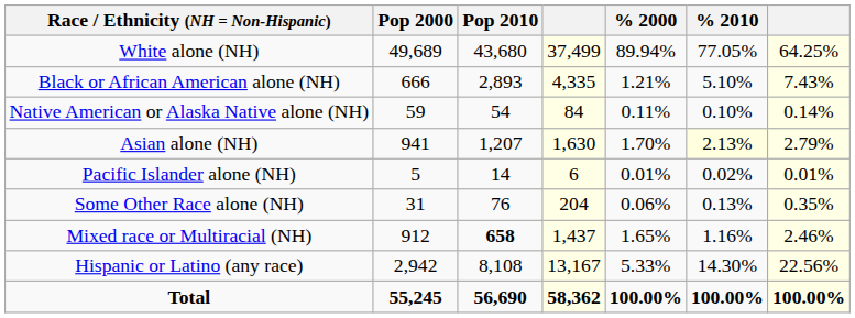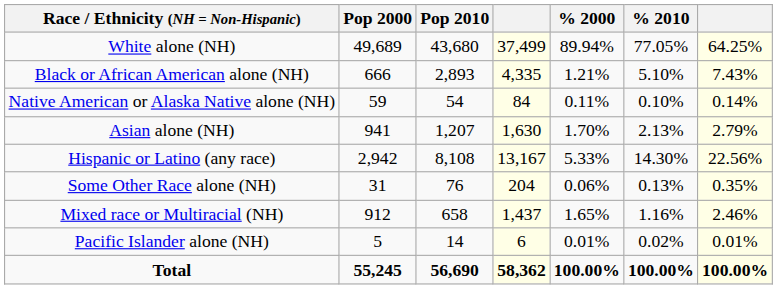 <table class="wikitable" style="text-align:center;">
 <tr>
 <th>Race / Ethnicity <small>(<em>NH = Non-Hispanic</em>)</small></th>
 <th>Pop 2000</th>
 <th>Pop 2010</th>
 <th></th>
 <th>% 2000</th>
 <th>% 2010</th>
 <th></th>
 </tr>
 <tr>
 <td><a href='#'>White</a> alone (NH)</td>
 <td>49,689</td>
 <td>43,680</td>
 <td style='background: #ffffe6;'>37,499</td>
 <td>89.94%</td>
 <td>77.05%</td>
 <td style='background: #ffffe6;'>64.25%</td>
 </tr>
 <tr>
 <td><a href='#'>Black or African American</a> alone (NH)</td>
 <td>666</td>
 <td>2,893</td>
 <td style='background: #ffffe6;'>4,335</td>
 <td>1.21%</td>
 <td>5.10%</td>
 <td style='background: #ffffe6;'>7.43%</td>
 </tr>
 <tr>
 <td><a href='#'>Native American</a> or <a href='#'>Alaska Native</a> alone (NH)</td>
 <td>59</td>
 <td>54</td>
 <td style='background: #ffffe6;'>84</td>
 <td>0.11%</td>
 <td>0.10%</td>
 <td style='background: #ffffe6;'>0.14%</td>
 </tr>
 <tr>
 <td><a href='#'>Asian</a> alone (NH)</td>
 <td>941</td>
 <td>1,207</td>
 <td style='background: #ffffe6;'>1,630</td>
 <td>1.70%</td>
-<td style="background: lightyellow;">2.13%</td>
+<td>2.13%</td>
 <td style='background: #ffffe6;'>2.79%</td>
 </tr>
 <tr>
-<td><a href='#'>Pacific Islander</a> alone (NH)</td>
-<td>5</td>
-<td>14</td>
-<td style='background: #ffffe6;'>6</td>
-<td>0.01%</td>
-<td>0.02%</td>
-<td style='background: #ffffe6;'>0.01%</td>
+<td><a href='#'>Hispanic or Latino</a> (any race)</td>
+<td>2,942</td>
+<td>8,108</td>
+<td style='background: #ffffe6;'>13,167</td>
+<td>5.33%</td>
+<td>14.30%</td>
+<td style='background: #ffffe6;'>22.56%</td>
 </tr>
 <tr>
 <td><a href='#'>Some Other Race</a> alone (NH)</td>
 <td>31</td>
 <td>76</td>
 <td style='background: #ffffe6;'>204</td>
 <td>0.06%</td>
 <td>0.13%</td>
 <td style='background: #ffffe6;'>0.35%</td>
 </tr>
 <tr>
 <td><a href='#'>Mixed race or Multiracial</a> (NH)</td>
 <td>912</td>
-<td><strong>658</strong></td>
+<td>658</td>
 <td style='background: #ffffe6;'>1,437</td>
 <td>1.65%</td>
 <td>1.16%</td>
 <td style='background: #ffffe6;'>2.46%</td>
 </tr>
 <tr>
-<td><a href='#'>Hispanic or Latino</a> (any race)</td>
-<td>2,942</td>
-<td>8,108</td>
-<td style='background: #ffffe6;'>13,167</td>
-<td>5.33%</td>
-<td>14.30%</td>
-<td style='background: #ffffe6;'>22.56%</td>
+<td><a href='#'>Pacific Islander</a> alone (NH)</td>
+<td>5</td>
+<td>14</td>
+<td style='background: #ffffe6;'>6</td>
+<td>0.01%</td>
+<td>0.02%</td>
+<td style='background: #ffffe6;'>0.01%</td>
 </tr>
 <tr>
 <td><strong>Total</strong></td>
 <td><strong>55,245</strong></td>
 <td><strong>56,690</strong></td>
 <td style='background: #ffffe6;'><strong>58,362</strong></td>
 <td><strong>100.00%</strong></td>
 <td><strong>100.00%</strong></td>
 <td style='background: #ffffe6;'><strong>100.00%</strong></td>
 </tr>
 </table>
